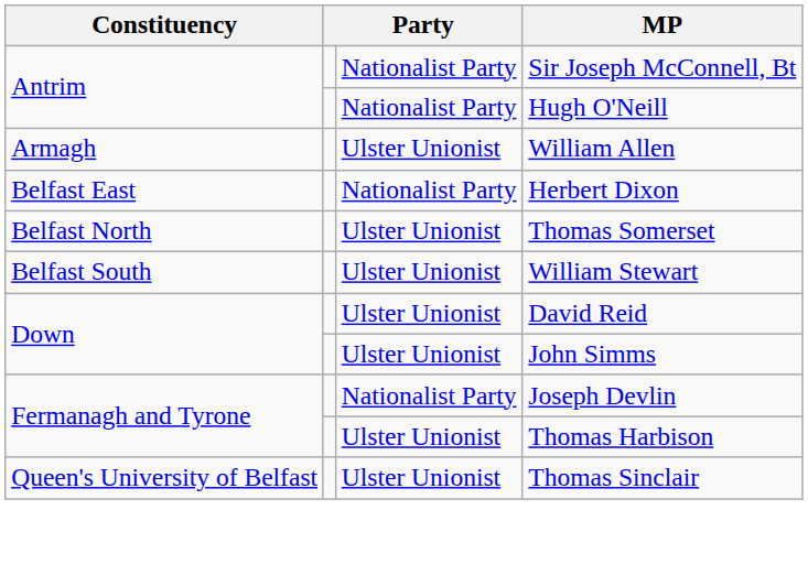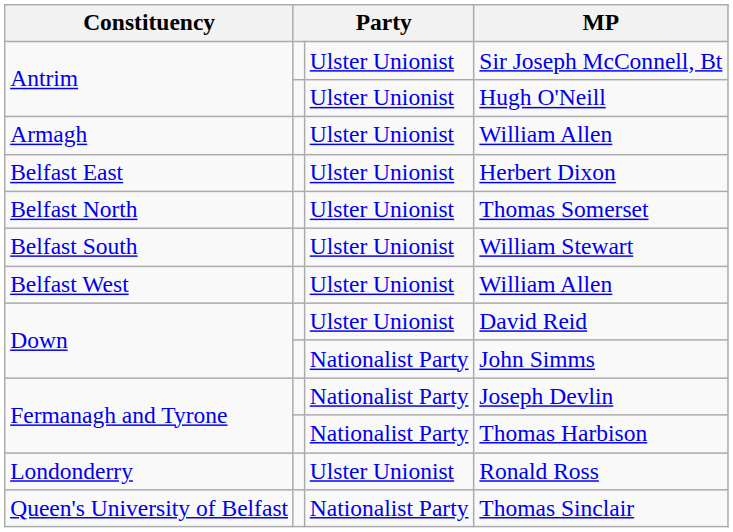 <table class=wikitable>
 <tr>
 <th>Constituency</th>
 <th colspan=2>Party</th>
 <th>MP</th>
 </tr>
 <tr>
 <td rowspan=2><a href='#'>Antrim</a></td>
 <td style="background-color: "></td>
-<td><a href='#'>Nationalist Party</a></td>
+<td><a href='#'>Ulster Unionist</a></td>
 <td><a href='#'>Sir Joseph McConnell, Bt</a></td>
 </tr>
 <tr>
 <td style="background-color: "></td>
-<td><a href='#'>Nationalist Party</a></td>
+<td><a href='#'>Ulster Unionist</a></td>
 <td><a href='#'>Hugh O'Neill</a></td>
 </tr>
 <tr>
 <td><a href='#'>Armagh</a></td>
 <td style="background-color: "></td>
 <td><a href='#'>Ulster Unionist</a></td>
 <td><a href='#'>William Allen</a></td>
 </tr>
 <tr>
 <td><a href='#'>Belfast East</a></td>
 <td style="background-color: "></td>
-<td><a href='#'>Nationalist Party</a></td>
+<td><a href='#'>Ulster Unionist</a></td>
 <td><a href='#'>Herbert Dixon</a></td>
 </tr>
 <tr>
 <td><a href='#'>Belfast North</a></td>
 <td style="background-color: "></td>
 <td><a href='#'>Ulster Unionist</a></td>
 <td><a href='#'>Thomas Somerset</a></td>
 </tr>
 <tr>
 <td><a href='#'>Belfast South</a></td>
 <td style="background-color: "></td>
 <td><a href='#'>Ulster Unionist</a></td>
 <td><a href='#'>William Stewart</a></td>
 </tr>
 <tr>
+<td><a href='#'>Belfast West</a></td>
+<td style="background-color: "></td>
+<td><a href='#'>Ulster Unionist</a></td>
+<td><a href='#'>William Allen</a></td>
+</tr>
+<tr>
 <td rowspan=2><a href='#'>Down</a></td>
 <td style="background-color: "></td>
 <td><a href='#'>Ulster Unionist</a></td>
 <td><a href='#'>David Reid</a></td>
 </tr>
 <tr>
 <td style="background-color: "></td>
-<td><a href='#'>Ulster Unionist</a></td>
+<td><a href='#'>Nationalist Party</a></td>
 <td><a href='#'>John Simms</a></td>
 </tr>
 <tr>
 <td rowspan=2><a href='#'>Fermanagh and Tyrone</a></td>
 <td style="background-color: "></td>
 <td><a href='#'>Nationalist Party</a></td>
 <td><a href='#'>Joseph Devlin</a></td>
 </tr>
 <tr>
 <td style="background-color: "></td>
+<td><a href='#'>Nationalist Party</a></td>
+<td><a href='#'>Thomas Harbison</a></td>
+</tr>
+<tr>
+<td><a href='#'>Londonderry</a></td>
+<td style="background-color: "></td>
 <td><a href='#'>Ulster Unionist</a></td>
-<td><a href='#'>Thomas Harbison</a></td>
+<td><a href='#'>Ronald Ross</a></td>
 </tr>
 <tr>
 <td><a href='#'>Queen's University of Belfast</a></td>
 <td style="background-color: "></td>
-<td><a href='#'>Ulster Unionist</a></td>
+<td><a href='#'>Nationalist Party</a></td>
 <td><a href='#'>Thomas Sinclair</a></td>
 </tr>
 </table>
